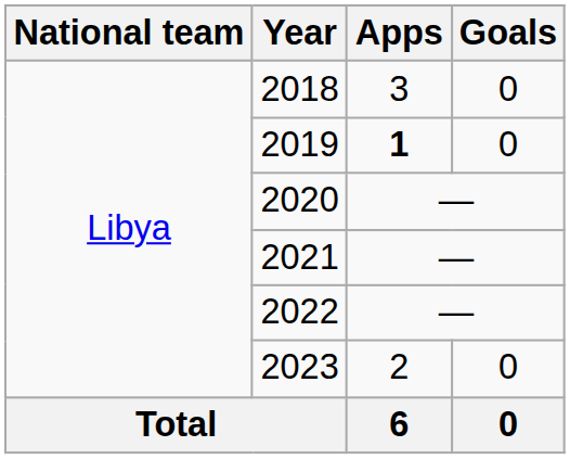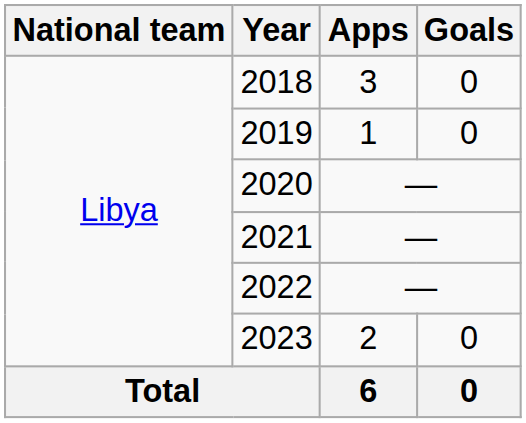 <table class="wikitable" style="text-align:center">
 <tr>
 <th>National team</th>
 <th>Year</th>
 <th>Apps</th>
 <th>Goals</th>
 </tr>
 <tr>
 <td rowspan="6"><a href='#'>Libya</a></td>
 <td>2018</td>
 <td>3</td>
 <td>0</td>
 </tr>
 <tr>
 <td>2019</td>
-<td><strong>1</strong></td>
+<td>1</td>
 <td>0</td>
 </tr>
 <tr>
 <td>2020</td>
 <td colspan="2">—</td>
 </tr>
 <tr>
 <td>2021</td>
 <td colspan="2">—</td>
 </tr>
 <tr>
 <td>2022</td>
 <td colspan="2">—</td>
 </tr>
 <tr>
 <td>2023</td>
 <td>2</td>
 <td>0</td>
 </tr>
 <tr>
 <th colspan="2">Total</th>
 <th>6</th>
 <th>0</th>
 </tr>
 </table>
